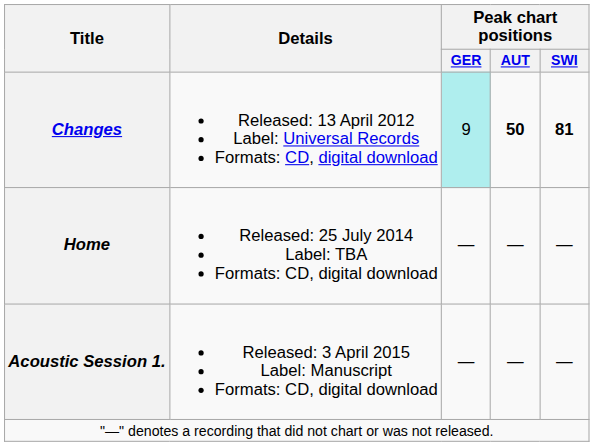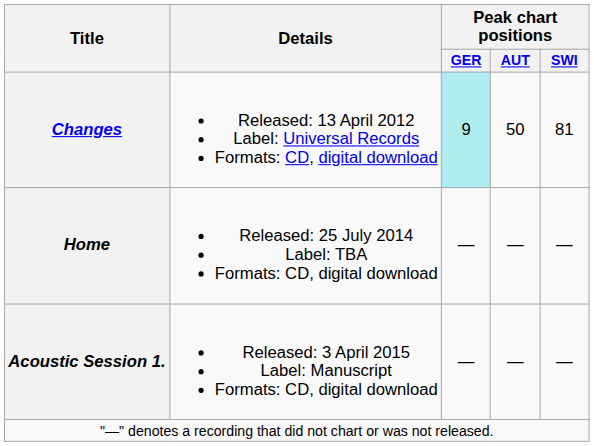 <table class="wikitable plainrowheaders" style="text-align:center;">
 <tr>
 <th scope="col" rowspan="2">Title</th>
 <th scope="col" rowspan="2">Details</th>
 <th scope="col" colspan="3">Peak chart positions</th>
 </tr>
 <tr>
 <th scope="col" style="width:3em;font-size:85%;"><a href='#'>GER</a><br></th>
 <th scope="col" style="width:3em;font-size:85%;"><a href='#'>AUT</a><br></th>
 <th scope="col" style="width:3em;font-size:85%;"><a href='#'>SWI</a><br></th>
 </tr>
 <tr>
 <th scope="row"><em><a href='#'>Changes</a></em></th>
 <td><br><ul><li>Released: 13 April 2012</li><li>Label: <a href='#'>Universal Records</a></li><li>Formats: <a href='#'>CD</a>, <a href='#'>digital download</a></li></ul></td>
 <td style="background: paleturquoise;">9</td>
-<td><strong>50</strong></td>
-<td><strong>81</strong></td>
+<td>50</td>
+<td>81</td>
 </tr>
 <tr>
 <th scope="row"><em>Home</em></th>
 <td><br><ul><li>Released: 25 July 2014</li><li>Label: TBA</li><li>Formats: CD, digital download</li></ul></td>
 <td>—</td>
 <td>—</td>
 <td>—</td>
 </tr>
 <tr>
 <th scope="row"><em>Acoustic Session 1.</em></th>
 <td><br><ul><li>Released: 3 April 2015</li><li>Label: Manuscript</li><li>Formats: CD, digital download</li></ul></td>
 <td>—</td>
 <td>—</td>
 <td>—</td>
 </tr>
 <tr>
 <td colspan="14" style="text-align:center; font-size:85%;">"—" denotes a recording that did not chart or was not released.</td>
 </tr>
 </table>
